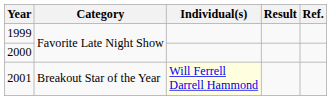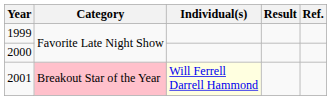 <table class="wikitable">
 <tr>
 <th>Year</th>
 <th>Category</th>
 <th>Individual(s)</th>
 <th>Result</th>
 <th>Ref.</th>
 </tr>
 <tr>
 <td>1999</td>
 <td rowspan="2">Favorite Late Night Show</td>
 <td></td>
 <td></td>
 <td align="center"></td>
 </tr>
 <tr>
 <td>2000</td>
 <td></td>
 <td></td>
 <td align="center"></td>
 </tr>
 <tr>
 <td rowspan="2">2001</td>
-<td>Breakout Star of the Year</td>
+<td style="background: pink;">Breakout Star of the Year</td>
 <td style="background: lightyellow;"><a href='#'>Will Ferrell</a> <br> <a href='#'>Darrell Hammond</a></td>
 <td></td>
 <td rowspan="2" align="center"></td>
 </tr>
 </table>
